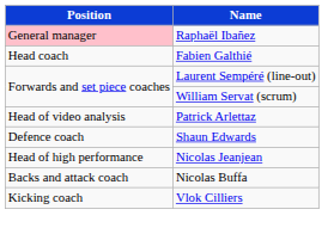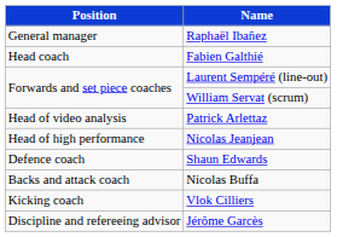 <table class="wikitable">
 <tr>
 <th style="background:#0C3CD5; color:#FFFFFF; ">Position</th>
 <th style="background:#0C3CD5; color:#FFFFFF; ">Name</th>
 </tr>
 <tr>
-<td style="background: pink;">General manager</td>
+<td>General manager</td>
 <td> <a href='#'>Raphaël Ibañez</a></td>
 </tr>
 <tr>
 <td>Head coach</td>
 <td> <a href='#'>Fabien Galthié</a></td>
 </tr>
 <tr>
 <td rowspan=2>Forwards and <a href='#'>set piece</a> coaches</td>
 <td> <a href='#'>Laurent Sempéré</a> (line-out)</td>
 </tr>
 <tr>
 <td> <a href='#'>William Servat</a> (scrum)</td>
 </tr>
 <tr>
 <td>Head of video analysis</td>
 <td> <a href='#'>Patrick Arlettaz</a></td>
 </tr>
 <tr>
+<td>Head of high performance</td>
+<td> <a href='#'>Nicolas Jeanjean</a></td>
+</tr>
+<tr>
 <td>Defence coach</td>
 <td> <a href='#'>Shaun Edwards</a></td>
-</tr>
-<tr>
-<td>Head of high performance</td>
-<td> <a href='#'>Nicolas Jeanjean</a></td>
 </tr>
 <tr>
 <td>Backs and attack coach</td>
 <td> Nicolas Buffa</td>
 </tr>
 <tr>
 <td>Kicking coach</td>
 <td> <a href='#'>Vlok Cilliers</a></td>
 </tr>
+<tr>
+<td>Discipline and refereeing advisor</td>
+<td> <a href='#'>Jérôme Garcès</a></td>
+</tr>
 </table>
